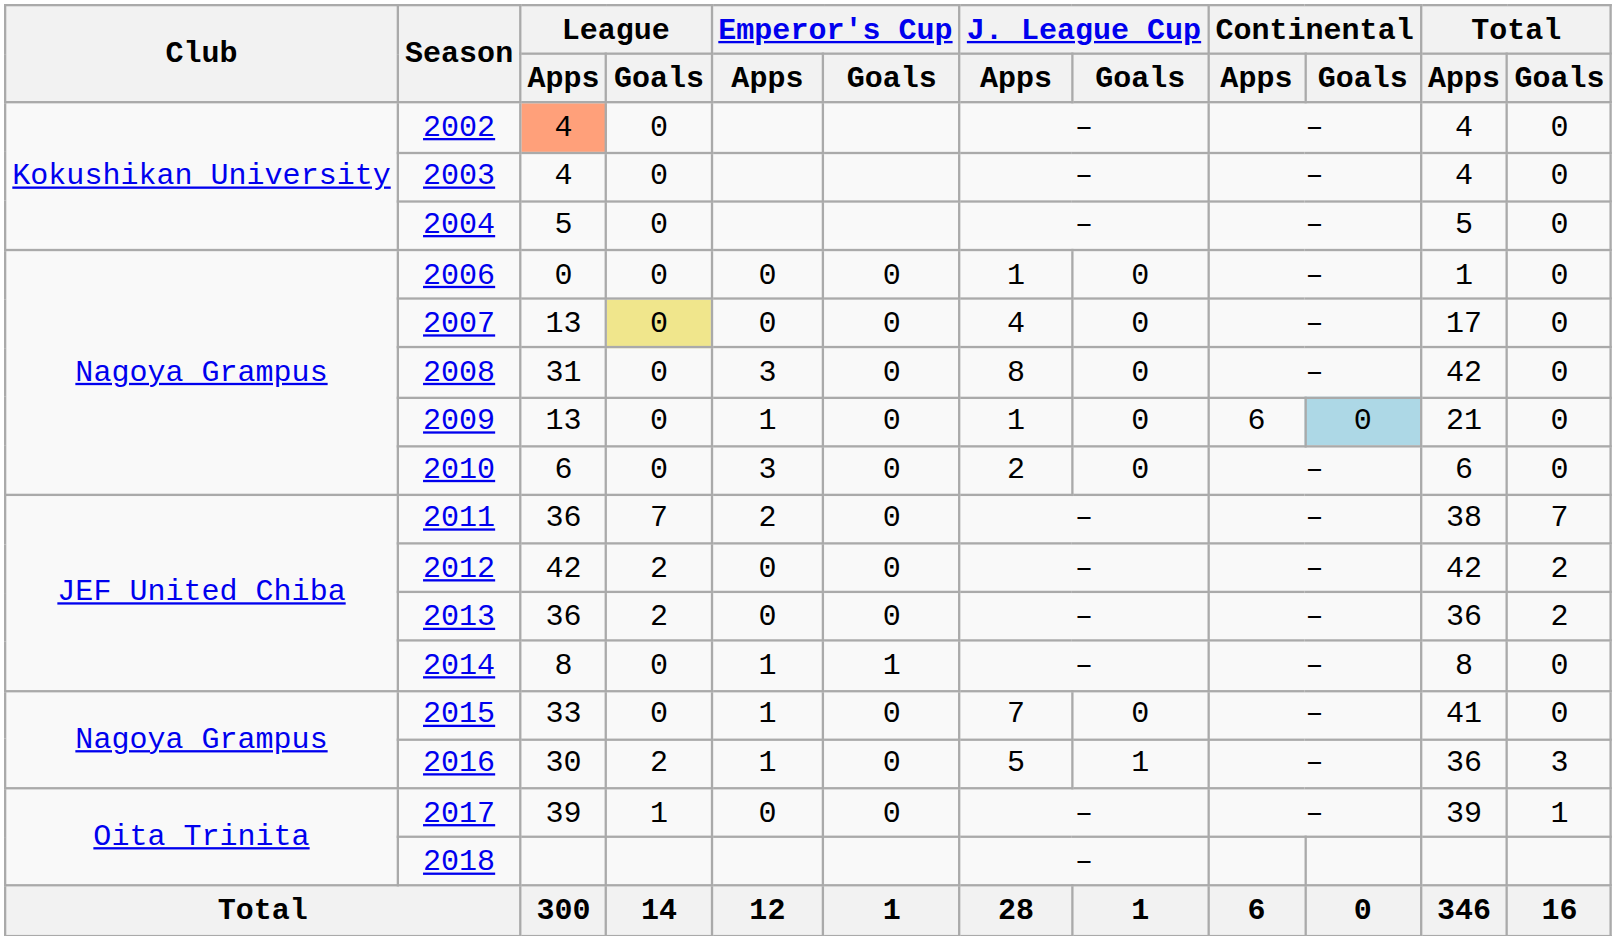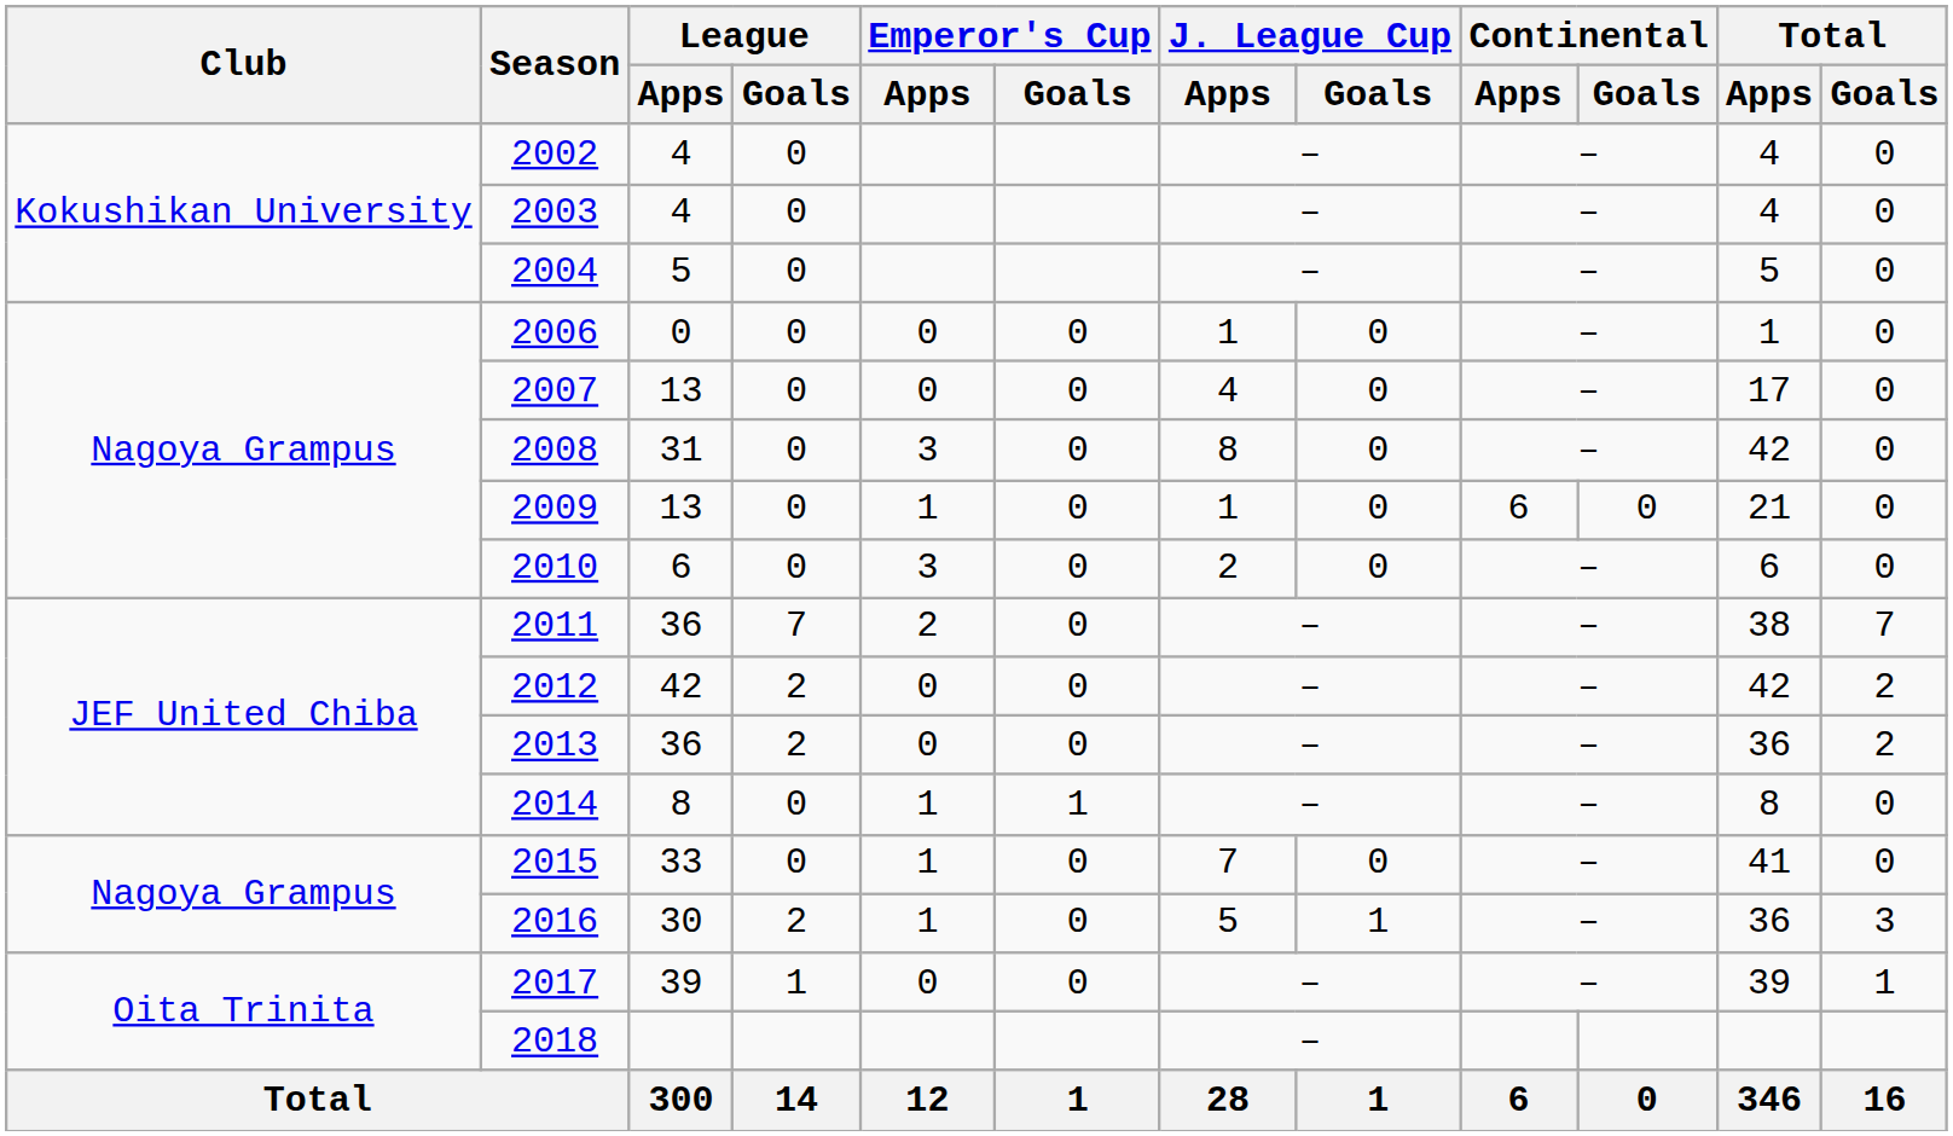 <table class="wikitable" style="text-align:center;">
 <tr>
 <th rowspan=2>Club</th>
 <th rowspan=2>Season</th>
 <th colspan=2>League</th>
 <th colspan=2><a href='#'>Emperor's Cup</a></th>
 <th colspan=2><a href='#'>J. League Cup</a></th>
 <th colspan=2>Continental</th>
 <th colspan=2>Total</th>
 </tr>
 <tr>
 <th>Apps</th>
 <th>Goals</th>
 <th>Apps</th>
 <th>Goals</th>
 <th>Apps</th>
 <th>Goals</th>
 <th>Apps</th>
 <th>Goals</th>
 <th>Apps</th>
 <th>Goals</th>
 </tr>
 <tr>
 <td rowspan="3"><a href='#'>Kokushikan University</a></td>
 <td><a href='#'>2002</a></td>
-<td style="background: lightsalmon;">4</td>
+<td>4</td>
 <td>0</td>
 <td></td>
 <td></td>
 <td colspan="2">–</td>
 <td colspan="2">–</td>
 <td>4</td>
 <td>0</td>
 </tr>
 <tr>
 <td><a href='#'>2003</a></td>
 <td>4</td>
 <td>0</td>
 <td></td>
 <td></td>
 <td colspan="2">–</td>
 <td colspan="2">–</td>
 <td>4</td>
 <td>0</td>
 </tr>
 <tr>
 <td><a href='#'>2004</a></td>
 <td>5</td>
 <td>0</td>
 <td></td>
 <td></td>
 <td colspan="2">–</td>
 <td colspan="2">–</td>
 <td>5</td>
 <td>0</td>
 </tr>
 <tr>
 <td rowspan="5"><a href='#'>Nagoya Grampus</a></td>
 <td><a href='#'>2006</a></td>
 <td>0</td>
 <td>0</td>
 <td>0</td>
 <td>0</td>
 <td>1</td>
 <td>0</td>
 <td colspan="2">–</td>
 <td>1</td>
 <td>0</td>
 </tr>
 <tr>
 <td><a href='#'>2007</a></td>
 <td>13</td>
-<td style="background: khaki;">0</td>
+<td>0</td>
 <td>0</td>
 <td>0</td>
 <td>4</td>
 <td>0</td>
 <td colspan="2">–</td>
 <td>17</td>
 <td>0</td>
 </tr>
 <tr>
 <td><a href='#'>2008</a></td>
 <td>31</td>
 <td>0</td>
 <td>3</td>
 <td>0</td>
 <td>8</td>
 <td>0</td>
 <td colspan="2">–</td>
 <td>42</td>
 <td>0</td>
 </tr>
 <tr>
 <td><a href='#'>2009</a></td>
 <td>13</td>
 <td>0</td>
 <td>1</td>
 <td>0</td>
 <td>1</td>
 <td>0</td>
 <td>6</td>
-<td style="background: lightblue;">0</td>
+<td>0</td>
 <td>21</td>
 <td>0</td>
 </tr>
 <tr>
 <td><a href='#'>2010</a></td>
 <td>6</td>
 <td>0</td>
 <td>3</td>
 <td>0</td>
 <td>2</td>
 <td>0</td>
 <td colspan="2">–</td>
 <td>6</td>
 <td>0</td>
 </tr>
 <tr>
 <td rowspan="4"><a href='#'>JEF United Chiba</a></td>
 <td><a href='#'>2011</a></td>
 <td>36</td>
 <td>7</td>
 <td>2</td>
 <td>0</td>
 <td colspan="2">–</td>
 <td colspan="2">–</td>
 <td>38</td>
 <td>7</td>
 </tr>
 <tr>
 <td><a href='#'>2012</a></td>
 <td>42</td>
 <td>2</td>
 <td>0</td>
 <td>0</td>
 <td colspan="2">–</td>
 <td colspan="2">–</td>
 <td>42</td>
 <td>2</td>
 </tr>
 <tr>
 <td><a href='#'>2013</a></td>
 <td>36</td>
 <td>2</td>
 <td>0</td>
 <td>0</td>
 <td colspan="2">–</td>
 <td colspan="2">–</td>
 <td>36</td>
 <td>2</td>
 </tr>
 <tr>
 <td><a href='#'>2014</a></td>
 <td>8</td>
 <td>0</td>
 <td>1</td>
 <td>1</td>
 <td colspan="2">–</td>
 <td colspan="2">–</td>
 <td>8</td>
 <td>0</td>
 </tr>
 <tr>
 <td rowspan="2"><a href='#'>Nagoya Grampus</a></td>
 <td><a href='#'>2015</a></td>
 <td>33</td>
 <td>0</td>
 <td>1</td>
 <td>0</td>
 <td>7</td>
 <td>0</td>
 <td colspan="2">–</td>
 <td>41</td>
 <td>0</td>
 </tr>
 <tr>
 <td><a href='#'>2016</a></td>
 <td>30</td>
 <td>2</td>
 <td>1</td>
 <td>0</td>
 <td>5</td>
 <td>1</td>
 <td colspan="2">–</td>
 <td>36</td>
 <td>3</td>
 </tr>
 <tr>
 <td rowspan="2"><a href='#'>Oita Trinita</a></td>
 <td><a href='#'>2017</a></td>
 <td>39</td>
 <td>1</td>
 <td>0</td>
 <td>0</td>
 <td colspan="2">–</td>
 <td colspan="2">–</td>
 <td>39</td>
 <td>1</td>
 </tr>
 <tr>
 <td><a href='#'>2018</a></td>
 <td></td>
 <td></td>
 <td></td>
 <td></td>
 <td colspan="2">–</td>
 <td></td>
 <td></td>
 <td></td>
 <td></td>
 </tr>
 <tr>
 <th colspan=2>Total</th>
 <th>300</th>
 <th>14</th>
 <th>12</th>
 <th>1</th>
 <th>28</th>
 <th>1</th>
 <th>6</th>
 <th>0</th>
 <th>346</th>
 <th>16</th>
 </tr>
 </table>
